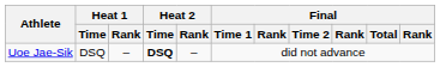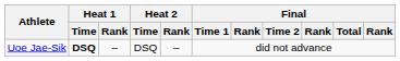 <table class="wikitable" style="font-size:90%">
 <tr>
 <th rowspan="2">Athlete</th>
 <th colspan="2">Heat 1</th>
 <th colspan="2">Heat 2</th>
 <th colspan="6">Final</th>
 </tr>
 <tr>
 <th>Time</th>
 <th>Rank</th>
 <th>Time</th>
 <th>Rank</th>
 <th>Time 1</th>
 <th>Rank</th>
 <th>Time 2</th>
 <th>Rank</th>
 <th>Total</th>
 <th>Rank</th>
 </tr>
 <tr>
 <td><a href='#'>Uoe Jae-Sik</a></td>
+<td align="center"><strong>DSQ</strong></td>
+<td align="center">–</td>
 <td align="center">DSQ</td>
-<td align="center">–</td>
-<td align="center"><strong>DSQ</strong></td>
 <td align="center">–</td>
 <td colspan="6" align="center">did not advance</td>
 </tr>
 </table>
